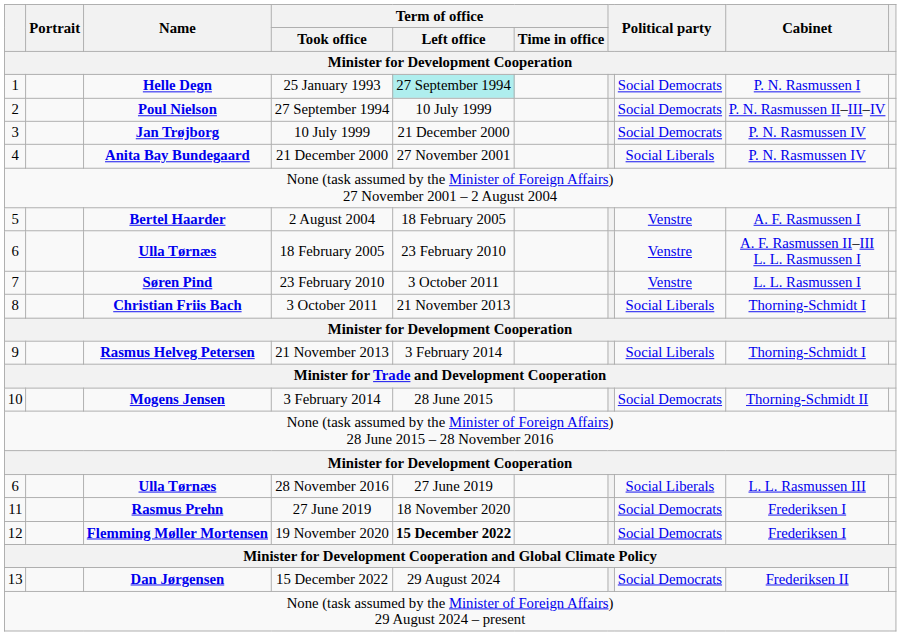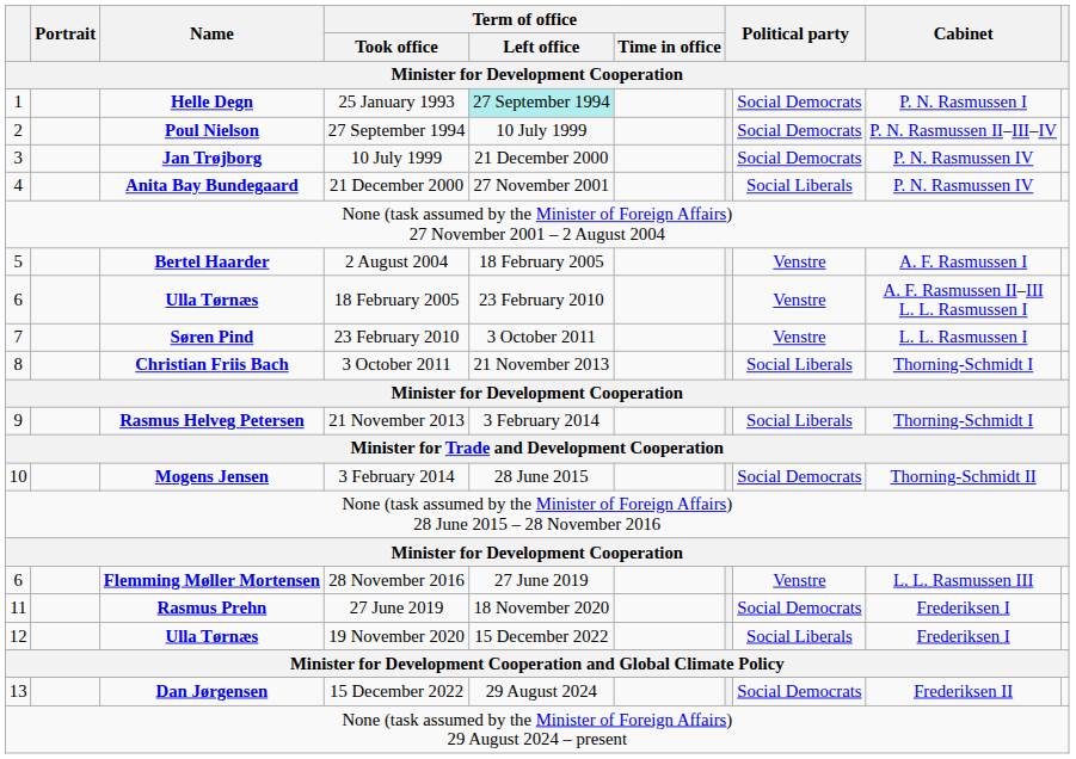 <table class="wikitable" style="text-align:center">
 <tr>
 <th rowspan=2></th>
 <th rowspan=2>Portrait</th>
 <th rowspan=2>Name<br></th>
 <th colspan=3>Term of office</th>
 <th colspan=2 rowspan=2>Political party</th>
 <th rowspan=2>Cabinet</th>
 <th rowspan=2></th>
 </tr>
 <tr>
 <th>Took office</th>
 <th>Left office</th>
 <th>Time in office</th>
 </tr>
 <tr>
 <th colspan=10>Minister for Development Cooperation<br></th>
 </tr>
 <tr>
 <td>1</td>
 <td></td>
 <td><strong><a href='#'>Helle Degn</a></strong><br></td>
 <td>25 January 1993</td>
 <td style="background: paleturquoise;">27 September 1994</td>
 <td></td>
 <th style="background:"></th>
 <td><a href='#'>Social Democrats</a></td>
 <td><a href='#'>P. N. Rasmussen I</a></td>
 <td></td>
 </tr>
 <tr>
 <td>2</td>
 <td></td>
 <td><strong><a href='#'>Poul Nielson</a></strong><br></td>
 <td>27 September 1994</td>
 <td>10 July 1999</td>
 <td></td>
 <th style="background:"></th>
 <td><a href='#'>Social Democrats</a></td>
 <td><a href='#'>P. N. Rasmussen II</a>–<a href='#'>III</a>–<a href='#'>IV</a></td>
 <td></td>
 </tr>
 <tr>
 <td>3</td>
 <td></td>
 <td><strong><a href='#'>Jan Trøjborg</a></strong><br></td>
 <td>10 July 1999</td>
 <td>21 December 2000</td>
 <td></td>
 <th style="background:"></th>
 <td><a href='#'>Social Democrats</a></td>
 <td><a href='#'>P. N. Rasmussen IV</a></td>
 <td></td>
 </tr>
 <tr>
 <td>4</td>
 <td></td>
 <td><strong><a href='#'>Anita Bay Bundegaard</a></strong><br></td>
 <td>21 December 2000</td>
 <td>27 November 2001</td>
 <td></td>
 <th style="background:"></th>
 <td><a href='#'>Social Liberals</a></td>
 <td><a href='#'>P. N. Rasmussen IV</a></td>
 <td></td>
 </tr>
 <tr>
 <td colspan=10>None (task assumed by the <a href='#'>Minister of Foreign Affairs</a>)<br>27 November 2001 – 2 August 2004</td>
 </tr>
 <tr>
 <td>5</td>
 <td></td>
 <td><strong><a href='#'>Bertel Haarder</a></strong><br></td>
 <td>2 August 2004</td>
 <td>18 February 2005</td>
 <td></td>
 <th style="background:"></th>
 <td><a href='#'>Venstre</a></td>
 <td><a href='#'>A. F. Rasmussen I</a></td>
 <td></td>
 </tr>
 <tr>
 <td>6</td>
 <td></td>
 <td><strong><a href='#'>Ulla Tørnæs</a></strong><br></td>
 <td>18 February 2005</td>
 <td>23 February 2010</td>
 <td></td>
 <th style="background:"></th>
 <td><a href='#'>Venstre</a></td>
 <td><a href='#'>A. F. Rasmussen II</a>–<a href='#'>III</a><br><a href='#'>L. L. Rasmussen I</a></td>
 <td><br></td>
 </tr>
 <tr>
 <td>7</td>
 <td></td>
 <td><strong><a href='#'>Søren Pind</a></strong><br></td>
 <td>23 February 2010</td>
 <td>3 October 2011</td>
 <td></td>
 <th style="background:"></th>
 <td><a href='#'>Venstre</a></td>
 <td><a href='#'>L. L. Rasmussen I</a></td>
 <td></td>
 </tr>
 <tr>
 <td>8</td>
 <td></td>
 <td><strong><a href='#'>Christian Friis Bach</a></strong><br></td>
 <td>3 October 2011</td>
 <td>21 November 2013</td>
 <td></td>
 <th style="background:"></th>
 <td><a href='#'>Social Liberals</a></td>
 <td><a href='#'>Thorning-Schmidt I</a></td>
 <td></td>
 </tr>
 <tr>
 <th colspan=10>Minister for Development Cooperation<br></th>
 </tr>
 <tr>
 <td>9</td>
 <td></td>
 <td><strong><a href='#'>Rasmus Helveg Petersen</a></strong><br></td>
 <td>21 November 2013</td>
 <td>3 February 2014</td>
 <td></td>
 <th style="background:"></th>
 <td><a href='#'> Social Liberals</a></td>
 <td><a href='#'>Thorning-Schmidt I</a></td>
 <td></td>
 </tr>
 <tr>
 <th colspan=10>Minister for <a href='#'>Trade</a> and Development Cooperation<br></th>
 </tr>
 <tr>
 <td>10</td>
 <td></td>
 <td><strong><a href='#'>Mogens Jensen</a></strong><br></td>
 <td>3 February 2014</td>
 <td>28 June 2015</td>
 <td></td>
 <th style="background:"></th>
 <td><a href='#'>Social Democrats</a></td>
 <td><a href='#'>Thorning-Schmidt II</a></td>
 <td></td>
 </tr>
 <tr>
 <td colspan=10>None (task assumed by the <a href='#'>Minister of Foreign Affairs</a>)<br>28 June 2015 – 28 November 2016</td>
 </tr>
 <tr>
 <th colspan=10>Minister for Development Cooperation<br></th>
 </tr>
 <tr>
 <td>6</td>
 <td></td>
-<td><strong><a href='#'>Ulla Tørnæs</a></strong><br></td>
+<td><strong><a href='#'>Flemming Møller Mortensen</a></strong><br></td>
 <td>28 November 2016</td>
 <td>27 June 2019</td>
 <td></td>
 <th style="background:"></th>
-<td><a href='#'> Social Liberals</a></td>
+<td><a href='#'>Venstre</a></td>
 <td><a href='#'>L. L. Rasmussen III</a></td>
 <td></td>
 </tr>
 <tr>
 <td>11</td>
 <td></td>
 <td><strong><a href='#'>Rasmus Prehn</a></strong><br></td>
 <td>27 June 2019</td>
 <td>18 November 2020</td>
 <td></td>
 <th style="background:"></th>
 <td><a href='#'>Social Democrats</a></td>
 <td><a href='#'>Frederiksen I</a></td>
 <td></td>
 </tr>
 <tr>
 <td>12</td>
 <td></td>
-<td><strong><a href='#'>Flemming Møller Mortensen</a></strong><br></td>
+<td><strong><a href='#'>Ulla Tørnæs</a></strong><br></td>
 <td>19 November 2020</td>
-<td><strong>15 December 2022</strong></td>
+<td>15 December 2022</td>
 <td></td>
 <th style="background:"></th>
-<td><a href='#'>Social Democrats</a></td>
+<td><a href='#'> Social Liberals</a></td>
 <td><a href='#'>Frederiksen I</a></td>
 <td></td>
 </tr>
 <tr>
 <th colspan=10>Minister for Development Cooperation and Global Climate Policy<br></th>
 </tr>
 <tr>
 <td>13</td>
 <td></td>
 <td><strong><a href='#'>Dan Jørgensen</a></strong><br></td>
 <td>15 December 2022</td>
 <td>29 August 2024</td>
 <td></td>
 <th style="background:"></th>
 <td><a href='#'>Social Democrats</a></td>
 <td><a href='#'>Frederiksen II</a></td>
 <td></td>
 </tr>
 <tr>
 <td colspan=10>None (task assumed by the <a href='#'>Minister of Foreign Affairs</a>)<br>29 August 2024 – present</td>
 </tr>
 </table>
